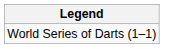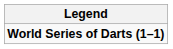 <table class="wikitable">
 <tr>
 <th>Legend</th>
 </tr>
 <tr>
-<td>World Series of Darts (1–1)</td>
+<td><strong>World Series of Darts (1–1)</strong></td>
 </tr>
 </table>
